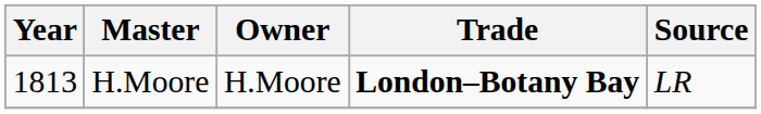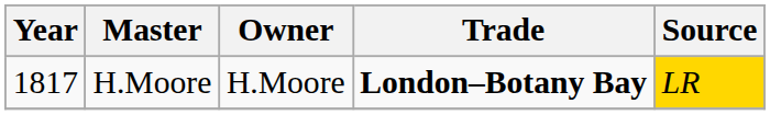 <table class=" wikitable">
 <tr>
 <th>Year</th>
 <th>Master</th>
 <th>Owner</th>
 <th>Trade</th>
 <th>Source</th>
 </tr>
 <tr>
-<td>1813</td>
+<td>1817</td>
 <td>H.Moore</td>
 <td>H.Moore</td>
 <td><strong>London–Botany Bay</strong></td>
-<td><em>LR</em></td>
+<td style="background: gold;"><em>LR</em></td>
 </tr>
 <tr>
 </tr>
 </table>
